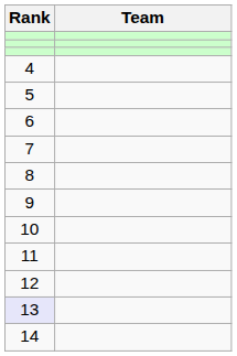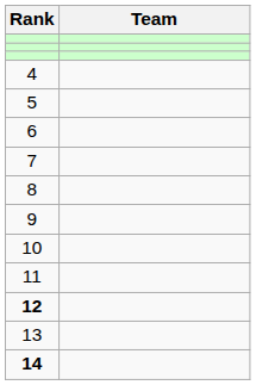 <table class=wikitable style="text-align:center;">
 <tr>
 <th>Rank</th>
 <th width=160>Team</th>
 </tr>
 <tr bgcolor=#CCFFCC>
 <td></td>
 <td align=left></td>
 </tr>
 <tr bgcolor=#CCFFCC>
 <td></td>
 <td align=left></td>
 </tr>
 <tr bgcolor=#CCFFCC>
 <td></td>
 <td align=left></td>
 </tr>
 <tr>
 <td>4</td>
 <td align=left></td>
 </tr>
 <tr>
 <td>5</td>
 <td align=left></td>
 </tr>
 <tr>
 <td>6</td>
 <td align=left></td>
 </tr>
 <tr>
 <td>7</td>
 <td align=left></td>
 </tr>
 <tr>
 <td>8</td>
 <td align=left></td>
 </tr>
 <tr>
 <td>9</td>
 <td align=left></td>
 </tr>
 <tr>
 <td>10</td>
 <td align=left></td>
 </tr>
 <tr>
 <td>11</td>
 <td align=left></td>
 </tr>
 <tr>
-<td>12</td>
+<td><strong>12</strong></td>
 <td align=left></td>
 </tr>
 <tr>
-<td style="background: lavender;">13</td>
+<td>13</td>
 <td align=left></td>
 </tr>
 <tr>
-<td>14</td>
+<td><strong>14</strong></td>
 <td align=left></td>
 </tr>
 </table>
